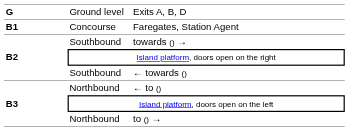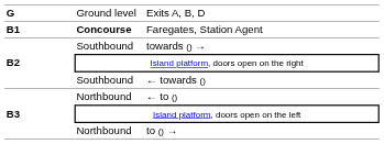 <table cellspacing=0 cellpadding=3>
 <tr>
 <td style="border-top:solid 1px gray;border-bottom:solid 1px gray;" width=100><strong>G</strong></td>
 <td style="border-top:solid 1px gray;border-bottom:solid 1px gray;" width=100>Ground level</td>
 <td style="border-top:solid 1px gray;border-bottom:solid 1px gray;" width=350>Exits A, B, D</td>
 </tr>
 <tr>
 <td style="border-bottom:solid 1px gray;"><strong>B1</strong></td>
-<td style="border-bottom:solid 1px gray;">Concourse</td>
+<td style="border-bottom:solid 1px gray;"><strong>Concourse</strong></td>
 <td style="border-bottom:solid 1px gray;">Faregates, Station Agent</td>
 </tr>
 <tr>
 <td style="border-bottom:solid 1px gray;" rowspan=3><strong>B2</strong></td>
 <td>Southbound</td>
 <td> towards  <small>()</small> →</td>
 </tr>
 <tr>
 <td style="border-right:solid 2px black;border-left:solid 2px black;border-top:solid 2px black;border-bottom:solid 2px black;text-align:center;" colspan=2><small><a href='#'>Island platform</a>, doors open on the right</small></td>
 </tr>
 <tr>
 <td style="border-bottom:solid 1px gray;">Southbound</td>
 <td style="border-bottom:solid 1px gray;">←  towards  <small>()</small></td>
 </tr>
 <tr>
 <td style="border-bottom:solid 1px gray;" rowspan=3><strong>B3</strong></td>
 <td>Northbound</td>
 <td>←  to  <small>()</small></td>
 </tr>
 <tr>
 <td style="border-right:solid 2px black;border-left:solid 2px black;border-top:solid 2px black;border-bottom:solid 2px black;text-align:center;" colspan=2><small><a href='#'>Island platform</a>, doors open on the left</small></td>
 </tr>
 <tr>
 <td style="border-bottom:solid 1px gray;">Northbound</td>
 <td style="border-bottom:solid 1px gray;"> to  <small>()</small> →</td>
 </tr>
 </table>
